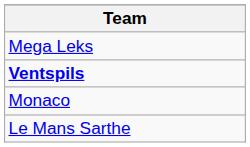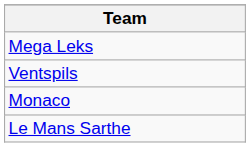 <table class="wikitable" style="width:14em;float:left; margin-right:0.5em">
 <tr>
 </tr>
 <tr>
 <th>Team</th>
 </tr>
 <tr>
 <td> <a href='#'>Mega Leks</a></td>
 </tr>
 <tr>
-<td><strong> <a href='#'>Ventspils</a></strong></td>
+<td> <a href='#'>Ventspils</a></td>
 </tr>
 <tr>
 <td> <a href='#'>Monaco</a></td>
 </tr>
 <tr>
 <td> <a href='#'>Le Mans Sarthe</a></td>
 </tr>
 </table>
